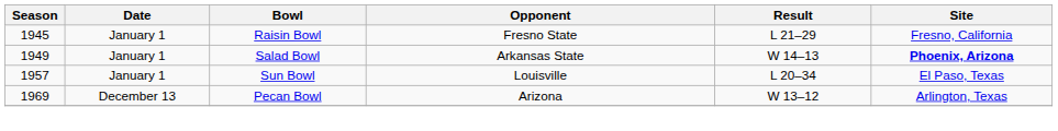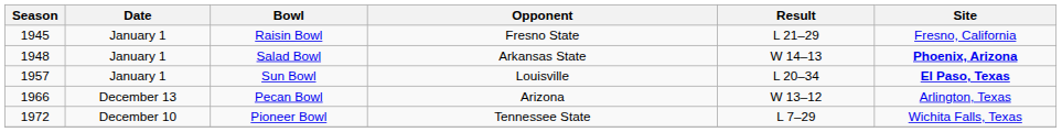 <table class="wikitable" style="font-size: 95%; width:98%;">
 <tr>
 <th rowspan="1" style="width:5%;">Season</th>
 <th rowspan="1" style="width:12%;">Date</th>
 <th rowspan="1" style="width:13%;">Bowl</th>
 <th rowspan="1" style="width:29%;">Opponent</th>
 <th rowspan="1" style="width:13%;">Result</th>
 <th rowspan="1" style="width:15%;">Site</th>
 </tr>
 <tr>
 <td align="center" style="background:">1945</td>
 <td align="center" style="background:">January 1</td>
 <td align="center" style="background:"><a href='#'>Raisin Bowl</a></td>
 <td align="center" style="background:">Fresno State</td>
 <td align="center" style="background:">L 21–29</td>
 <td align="center" style="background:"><a href='#'>Fresno, California</a></td>
 </tr>
 <tr>
-<td align="center" style="background:">1949</td>
+<td align="center" style="background:">1948</td>
 <td align="center" style="background:">January 1</td>
 <td align="center" style="background:"><a href='#'>Salad Bowl</a></td>
 <td align="center" style="background:">Arkansas State</td>
 <td align="center" style="background:">W 14–13</td>
 <td align="center" style="background:"><strong><a href='#'>Phoenix, Arizona</a></strong></td>
 </tr>
 <tr>
 <td align="center" style="background:">1957</td>
 <td align="center" style="background:">January 1</td>
 <td align="center" style="background:"><a href='#'>Sun Bowl</a></td>
 <td align="center" style="background:">Louisville</td>
 <td align="center" style="background:">L 20–34</td>
-<td align="center" style="background:"><a href='#'>El Paso, Texas</a></td>
+<td align="center" style="background:"><strong><a href='#'>El Paso, Texas</a></strong></td>
 </tr>
 <tr>
-<td align="center" style="background:">1969</td>
+<td align="center" style="background:">1966</td>
 <td align="center" style="background:">December 13</td>
 <td align="center" style="background:"><a href='#'>Pecan Bowl</a></td>
 <td align="center" style="background:">Arizona</td>
 <td align="center" style="background:">W 13–12</td>
 <td align="center" style="background:"><a href='#'>Arlington, Texas</a></td>
 </tr>
 <tr>
+<td align="center" style="background:">1972</td>
+<td align="center" style="background:">December 10</td>
+<td align="center" style="background:"><a href='#'>Pioneer Bowl</a></td>
+<td align="center" style="background:">Tennessee State</td>
+<td align="center" style="background:">L 7–29</td>
+<td align="center" style="background:"><a href='#'>Wichita Falls, Texas</a></td>
+</tr>
+<tr>
 </tr>
 </table>
